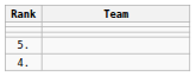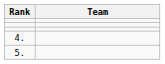 <table class="wikitable" style="text-align: center;">
 <tr>
 <th width=40>Rank</th>
 <th width=180>Team</th>
 </tr>
 <tr align=center>
 <td></td>
 <td style="text-align:left;"></td>
 </tr>
 <tr align=center>
 <td></td>
 <td style="text-align:left;"></td>
 </tr>
 <tr align=center>
 <td></td>
 <td style="text-align:left;"></td>
 </tr>
 <tr align=center>
+<td>4.</td>
+<td style="text-align:left;"></td>
+</tr>
+<tr align=center>
 <td>5.</td>
 <td style="text-align:left;"></td>
 </tr>
-<tr align=center>
-<td>4.</td>
-<td style="text-align:left;"></td>
-</tr>
 </table>
